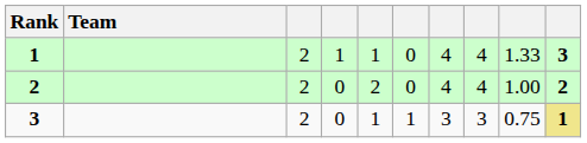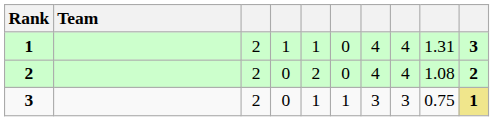 <table class="wikitable" style="text-align: center;">
 <tr>
 <th width=30>Rank</th>
 <th width=165 style="text-align:left;">Team</th>
 <th width=20></th>
 <th width=20></th>
 <th width=20></th>
 <th width=20></th>
 <th width=20></th>
 <th width=20></th>
 <th width=20></th>
 <th width=20></th>
 </tr>
 <tr style="background:#ccffcc;">
 <td><strong>1</strong></td>
 <td style="text-align:left;"></td>
 <td>2</td>
 <td>1</td>
 <td>1</td>
 <td>0</td>
 <td>4</td>
 <td>4</td>
-<td>1.33</td>
+<td>1.31</td>
 <td><strong>3</strong></td>
 </tr>
 <tr style="background:#ccffcc;">
 <td><strong>2</strong></td>
 <td style="text-align:left;"></td>
 <td>2</td>
 <td>0</td>
 <td>2</td>
 <td>0</td>
 <td>4</td>
 <td>4</td>
-<td>1.00</td>
+<td>1.08</td>
 <td><strong>2</strong></td>
 </tr>
 <tr>
 <td><strong>3</strong></td>
 <td style="text-align:left;"></td>
 <td>2</td>
 <td>0</td>
 <td>1</td>
 <td>1</td>
 <td>3</td>
 <td>3</td>
 <td>0.75</td>
 <td style="background: khaki;"><strong>1</strong></td>
 </tr>
 </table>
